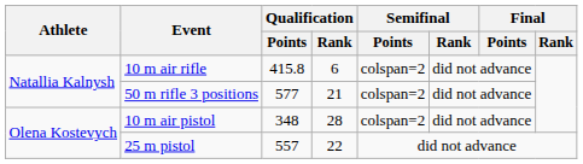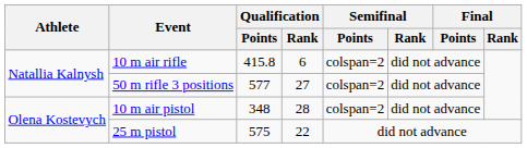 <table class="wikitable" style="font-size:90%">
 <tr>
 <th rowspan="2">Athlete</th>
 <th rowspan="2">Event</th>
 <th colspan=2>Qualification</th>
 <th colspan=2>Semifinal</th>
 <th colspan=2>Final</th>
 </tr>
 <tr style="font-size:95%">
 <th>Points</th>
 <th>Rank</th>
 <th>Points</th>
 <th>Rank</th>
 <th>Points</th>
 <th>Rank</th>
 </tr>
 <tr align=center>
 <td align=left rowspan=2><a href='#'>Natallia Kalnysh</a></td>
 <td align=left><a href='#'>10 m air rifle</a></td>
 <td>415.8</td>
 <td>6</td>
 <td>colspan=2 </td>
 <td colspan=2>did not advance</td>
 </tr>
 <tr align=center>
 <td align=left><a href='#'>50 m rifle 3 positions</a></td>
 <td>577</td>
-<td>21</td>
+<td>27</td>
 <td>colspan=2 </td>
 <td colspan=2>did not advance</td>
 </tr>
 <tr align=center>
 <td align=left rowspan=2><a href='#'>Olena Kostevych</a></td>
 <td align=left><a href='#'>10 m air pistol</a></td>
 <td>348</td>
 <td>28</td>
 <td>colspan=2 </td>
 <td colspan=2>did not advance</td>
 </tr>
 <tr align=center>
 <td align=left><a href='#'>25 m pistol</a></td>
-<td>557</td>
+<td>575</td>
 <td>22</td>
 <td colspan=4>did not advance</td>
 </tr>
 </table>
